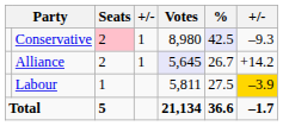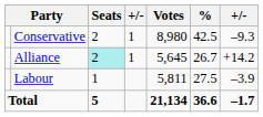 <table class="wikitable sortable">
 <tr>
 <th colspan="2">Party</th>
 <th>Seats</th>
 <th>+/-</th>
 <th>Votes</th>
 <th>%</th>
 <th>+/-</th>
 </tr>
 <tr>
 <td style="background-color: "></td>
 <td><a href='#'>Conservative</a></td>
-<td style="background: pink;">2</td>
+<td>2</td>
 <td> 1</td>
 <td style="text-align:right;">8,980</td>
-<td style="background: lavender; text-align:right;">42.5</td>
+<td style="text-align:right;">42.5</td>
 <td style="text-align:right;">–9.3</td>
 </tr>
 <tr>
 <td style="background-color: "></td>
 <td><a href='#'>Alliance</a></td>
-<td>2</td>
+<td style="background: paleturquoise;">2</td>
 <td> 1</td>
-<td style="background: lavender; text-align:right;">5,645</td>
+<td style="text-align:right;">5,645</td>
 <td style="text-align:right;">26.7</td>
 <td style="text-align:right;">+14.2</td>
 </tr>
 <tr>
 <td style="background-color: "></td>
 <td><a href='#'>Labour</a></td>
 <td>1</td>
 <td></td>
 <td style="text-align:right;">5,811</td>
 <td style="text-align:right;">27.5</td>
-<td style="background: gold; text-align:right;">–3.9</td>
+<td style="text-align:right;">–3.9</td>
 </tr>
 <tr>
 <td colspan="2"><strong>Total</strong></td>
 <td><strong>5</strong></td>
 <td></td>
 <td style="text-align:right;"><strong>21,134</strong></td>
 <td style="text-align:right;"><strong>36.6</strong></td>
 <td style="text-align:right;"><strong>–1.7</strong></td>
 </tr>
 </table>
